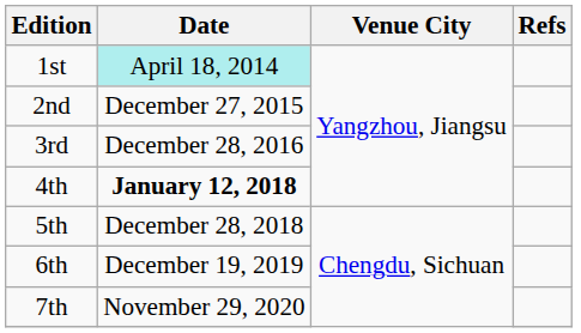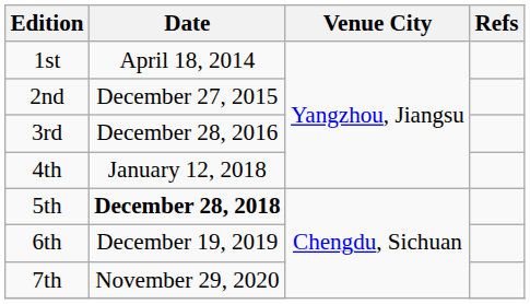 <table class="sortable wikitable" style="text-align: center">
 <tr>
 <th>Edition</th>
 <th>Date</th>
 <th>Venue City</th>
 <th>Refs</th>
 </tr>
 <tr>
 <td>1st</td>
-<td style="background: paleturquoise;">April 18, 2014</td>
+<td>April 18, 2014</td>
 <td rowspan="4"><a href='#'>Yangzhou</a>, Jiangsu</td>
 <td></td>
 </tr>
 <tr>
 <td>2nd</td>
 <td>December 27, 2015</td>
 <td></td>
 </tr>
 <tr>
 <td>3rd</td>
 <td>December 28, 2016</td>
 <td></td>
 </tr>
 <tr>
 <td>4th</td>
-<td><strong>January 12, 2018</strong></td>
+<td>January 12, 2018</td>
 <td></td>
 </tr>
 <tr>
 <td>5th</td>
-<td>December 28, 2018</td>
+<td><strong>December 28, 2018</strong></td>
 <td rowspan="4"><a href='#'>Chengdu</a>, Sichuan</td>
 <td></td>
 </tr>
 <tr>
 <td>6th</td>
 <td>December 19, 2019</td>
 <td></td>
 </tr>
 <tr>
 <td>7th</td>
 <td>November 29, 2020</td>
 <td></td>
 </tr>
 <tr>
 </tr>
 </table>
